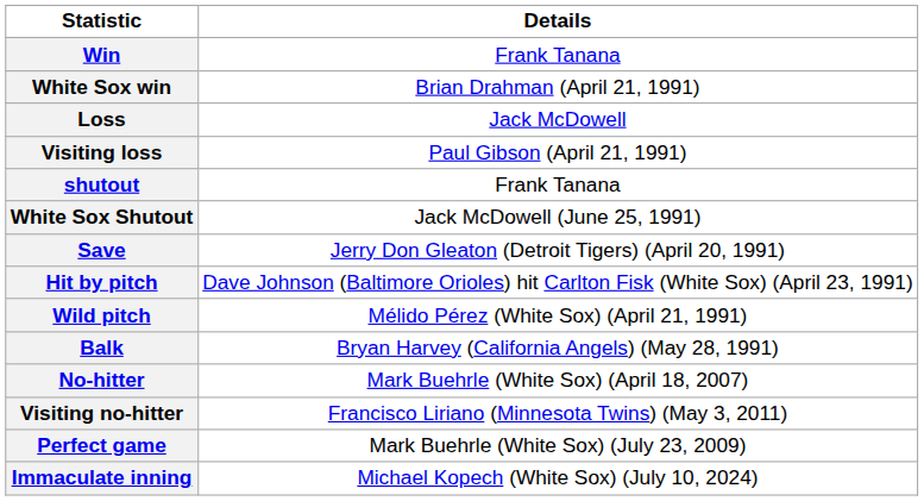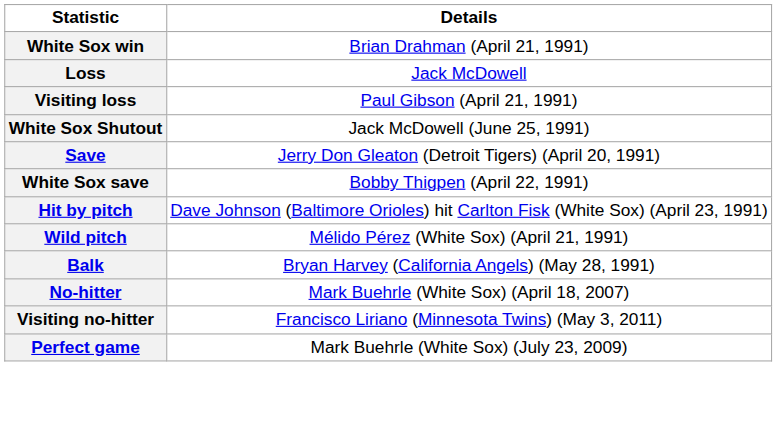 <table class="wikitable" align=center style="margin-left:15px; text-align:center; background:#ffffff;">
 <tr>
 <td><strong>Statistic</strong></td>
 <td><strong>Details</strong></td>
-</tr>
-<tr>
-<th><a href='#'>Win</a></th>
-<td><a href='#'>Frank Tanana</a></td>
 </tr>
 <tr>
 <th>White Sox win</th>
 <td><a href='#'>Brian Drahman</a> (April 21, 1991)</td>
 </tr>
 <tr>
 <th>Loss</th>
 <td><a href='#'>Jack McDowell</a></td>
 </tr>
 <tr>
 <th>Visiting loss</th>
 <td><a href='#'>Paul Gibson</a> (April 21, 1991)</td>
 </tr>
 <tr>
-<th><a href='#'>shutout</a></th>
-<td>Frank Tanana</td>
-</tr>
-<tr>
 <th>White Sox Shutout</th>
 <td>Jack McDowell (June 25, 1991)</td>
 </tr>
 <tr>
 <th><a href='#'>Save</a></th>
 <td><a href='#'>Jerry Don Gleaton</a> (Detroit Tigers) (April 20, 1991)</td>
+</tr>
+<tr>
+<th>White Sox save</th>
+<td><a href='#'>Bobby Thigpen</a> (April 22, 1991)</td>
 </tr>
 <tr>
 <th><a href='#'>Hit by pitch</a></th>
 <td><a href='#'>Dave Johnson</a> (<a href='#'>Baltimore Orioles</a>) hit <a href='#'>Carlton Fisk</a> (White Sox) (April 23, 1991)</td>
 </tr>
 <tr>
 <th><a href='#'>Wild pitch</a></th>
 <td><a href='#'>Mélido Pérez</a> (White Sox) (April 21, 1991)</td>
 </tr>
 <tr>
 <th><a href='#'>Balk</a></th>
 <td><a href='#'>Bryan Harvey</a> (<a href='#'>California Angels</a>) (May 28, 1991)</td>
 </tr>
 <tr>
 <th><a href='#'>No-hitter</a></th>
 <td><a href='#'>Mark Buehrle</a> (White Sox) (April 18, 2007)</td>
 </tr>
 <tr>
 <th>Visiting no-hitter</th>
 <td><a href='#'>Francisco Liriano</a> (<a href='#'>Minnesota Twins</a>) (May 3, 2011)</td>
 </tr>
 <tr>
 <th><a href='#'>Perfect game</a></th>
 <td>Mark Buehrle (White Sox) (July 23, 2009)</td>
 </tr>
-<tr>
-<th><a href='#'>Immaculate inning</a></th>
-<td><a href='#'>Michael Kopech</a> (White Sox) (July 10, 2024)</td>
-</tr>
 </table>
